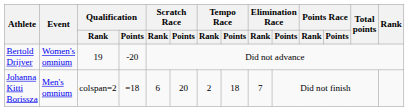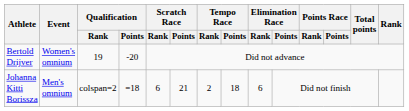 <table class="wikitable" style="font-size:90%">
 <tr>
 <th rowspan="2">Athlete</th>
 <th rowspan="2">Event</th>
 <th colspan=2>Qualification</th>
 <th colspan=2>Scratch Race</th>
 <th colspan=2>Tempo Race</th>
 <th colspan=2>Elimination Race</th>
 <th colspan=2>Points Race</th>
 <th rowspan=2>Total points</th>
 <th rowspan=2>Rank</th>
 </tr>
 <tr style="font-size:95%">
 <th>Rank</th>
 <th>Points</th>
 <th>Rank</th>
 <th>Points</th>
 <th>Rank</th>
 <th>Points</th>
 <th>Rank</th>
 <th>Points</th>
 <th>Rank</th>
 <th>Points</th>
 </tr>
 <tr align=center>
 <td align=left><a href='#'>Bertold Drijver</a></td>
 <td align=left><a href='#'>Women's omnium</a></td>
 <td>19</td>
 <td>-20</td>
 <td colspan=10>Did not advance</td>
 </tr>
 <tr align=center>
 <td align=left><a href='#'>Johanna Kitti Borissza</a></td>
 <td align=left><a href='#'>Men's omnium</a></td>
 <td>colspan=2</td>
 <td>=18</td>
 <td>6</td>
-<td>20</td>
+<td>21</td>
 <td>2</td>
 <td>18</td>
-<td>7</td>
+<td>6</td>
 <td colspan=4>Did not finish</td>
 </tr>
 </table>
